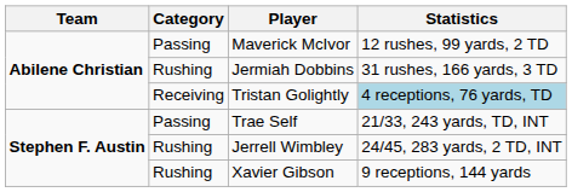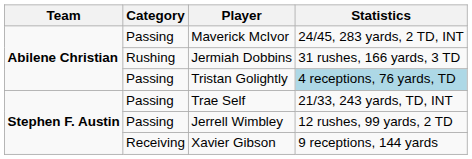 <table class="wikitable" style="float: left;">
 <tr>
 <th>Team</th>
 <th>Category</th>
 <th>Player</th>
 <th>Statistics</th>
 </tr>
 <tr>
 <td rowspan=3><strong>Abilene Christian</strong></td>
 <td>Passing</td>
 <td>Maverick McIvor</td>
-<td>12 rushes, 99 yards, 2 TD</td>
+<td>24/45, 283 yards, 2 TD, INT</td>
 </tr>
 <tr>
 <td>Rushing</td>
 <td>Jermiah Dobbins</td>
 <td>31 rushes, 166 yards, 3 TD</td>
 </tr>
 <tr>
-<td>Receiving</td>
+<td>Passing</td>
 <td>Tristan Golightly</td>
 <td style="background: lightblue;">4 receptions, 76 yards, TD</td>
 </tr>
 <tr>
 <td rowspan=3><strong>Stephen F. Austin</strong></td>
 <td>Passing</td>
 <td>Trae Self</td>
 <td>21/33, 243 yards, TD, INT</td>
 </tr>
 <tr>
-<td>Rushing</td>
+<td>Passing</td>
 <td>Jerrell Wimbley</td>
-<td>24/45, 283 yards, 2 TD, INT</td>
+<td>12 rushes, 99 yards, 2 TD</td>
 </tr>
 <tr>
-<td>Rushing</td>
+<td>Receiving</td>
 <td>Xavier Gibson</td>
 <td>9 receptions, 144 yards</td>
 </tr>
 </table>
